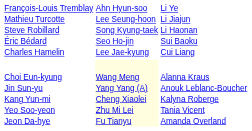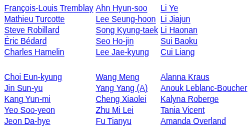 <table>
 <tr>
 <th scope=row style="text-align:left"><br></th>
 <td valign="top"><strong></strong><br><small><a href='#'>François-Louis Tremblay</a><br><a href='#'>Mathieu Turcotte</a><br><a href='#'>Steve Robillard</a><br><a href='#'>Éric Bédard</a><br><a href='#'>Charles Hamelin</a></small></td>
 <td valign="top"><strong></strong><br><small><a href='#'>Ahn Hyun-soo</a><br><a href='#'>Lee Seung-hoon</a><br><a href='#'>Song Kyung-taek</a><br><a href='#'>Seo Ho-jin</a><br><a href='#'>Lee Jae-kyung</a></small></td>
 <td valign="top"><strong></strong><br><small><a href='#'>Li Ye</a><br><a href='#'>Li Jiajun</a><br><a href='#'>Li Haonan</a><br><a href='#'>Sui Baoku</a><br><a href='#'>Cui Liang</a></small></td>
 </tr>
 <tr>
 <th scope=row style="text-align:left"><br></th>
 <td valign="top"><strong></strong><br><small><a href='#'>Choi Eun-kyung</a><br><a href='#'>Jin Sun-yu</a><br><a href='#'>Kang Yun-mi</a><br><a href='#'>Yeo Soo-yeon</a><br><a href='#'>Jeon Da-hye</a></small></td>
-<td valign="top" style="background: lightyellow;"><strong></strong><br><small><a href='#'>Wang Meng</a><br><a href='#'>Yang Yang (A)</a><br><a href='#'>Cheng Xiaolei</a><br><a href='#'>Zhu Mi Lei</a><br><a href='#'>Fu Tianyu</a></small></td>
+<td valign="top"><strong></strong><br><small><a href='#'>Wang Meng</a><br><a href='#'>Yang Yang (A)</a><br><a href='#'>Cheng Xiaolei</a><br><a href='#'>Zhu Mi Lei</a><br><a href='#'>Fu Tianyu</a></small></td>
 <td valign="top"><strong></strong><br><small><a href='#'>Alanna Kraus</a><br><a href='#'>Anouk Leblanc-Boucher</a><br><a href='#'>Kalyna Roberge</a><br><a href='#'>Tania Vicent</a><br><a href='#'>Amanda Overland</a></small></td>
 </tr>
 </table>
